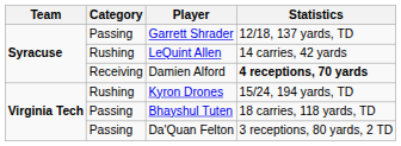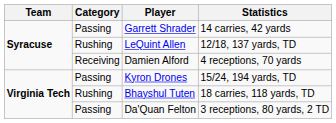 <table class="wikitable" style="float: right;">
 <tr>
 <th>Team</th>
 <th>Category</th>
 <th>Player</th>
 <th>Statistics</th>
 </tr>
 <tr>
 <td rowspan=3><strong>Syracuse</strong></td>
 <td>Passing</td>
 <td><a href='#'>Garrett Shrader</a></td>
-<td>12/18, 137 yards, TD</td>
+<td>14 carries, 42 yards</td>
 </tr>
 <tr>
 <td>Rushing</td>
 <td><a href='#'>LeQuint Allen</a></td>
-<td>14 carries, 42 yards</td>
+<td>12/18, 137 yards, TD</td>
 </tr>
 <tr>
 <td>Receiving</td>
 <td>Damien Alford</td>
-<td><strong>4 receptions, 70 yards</strong></td>
+<td>4 receptions, 70 yards</td>
 </tr>
 <tr>
 <td rowspan=3><strong>Virginia Tech</strong></td>
-<td>Rushing</td>
+<td>Passing</td>
 <td><a href='#'>Kyron Drones</a></td>
 <td>15/24, 194 yards, TD</td>
 </tr>
 <tr>
-<td>Passing</td>
+<td>Rushing</td>
 <td><a href='#'>Bhayshul Tuten</a></td>
 <td>18 carries, 118 yards, TD</td>
 </tr>
 <tr>
 <td>Passing</td>
 <td>Da'Quan Felton</td>
 <td>3 receptions, 80 yards, 2 TD</td>
 </tr>
 </table>
